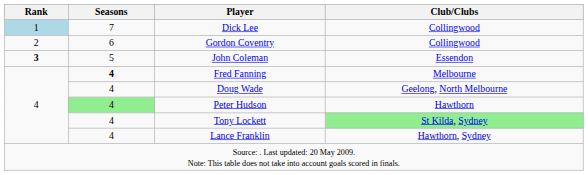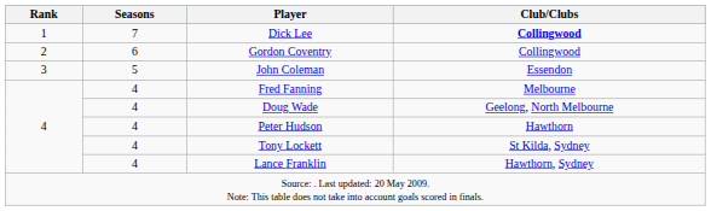 <table class="wikitable" style="text-align:center; width:60%;">
 <tr style="background:#87cefa;">
 <th>Rank</th>
 <th>Seasons</th>
 <th>Player</th>
 <th>Club/Clubs</th>
 </tr>
 <tr>
-<td style="background: lightblue;">1</td>
+<td>1</td>
 <td>7</td>
 <td><a href='#'>Dick Lee</a></td>
-<td><a href='#'>Collingwood</a></td>
+<td><strong><a href='#'>Collingwood</a></strong></td>
 </tr>
 <tr>
 <td>2</td>
 <td>6</td>
 <td><a href='#'>Gordon Coventry</a></td>
 <td><a href='#'>Collingwood</a></td>
 </tr>
 <tr>
-<td><strong>3</strong></td>
+<td>3</td>
 <td>5</td>
 <td><a href='#'>John Coleman</a></td>
 <td><a href='#'>Essendon</a></td>
 </tr>
 <tr>
 <td rowspan=5>4</td>
-<td><strong>4</strong></td>
+<td>4</td>
 <td><a href='#'>Fred Fanning</a></td>
 <td><a href='#'>Melbourne</a></td>
 </tr>
 <tr>
 <td>4</td>
 <td><a href='#'>Doug Wade</a></td>
 <td><a href='#'>Geelong</a>, <a href='#'>North Melbourne</a></td>
 </tr>
 <tr>
-<td style="background: lightgreen;">4</td>
+<td>4</td>
 <td><a href='#'>Peter Hudson</a></td>
 <td><a href='#'>Hawthorn</a></td>
 </tr>
 <tr>
 <td>4</td>
 <td><a href='#'>Tony Lockett</a></td>
-<td style="background: lightgreen;"><a href='#'>St Kilda</a>, <a href='#'>Sydney</a></td>
+<td><a href='#'>St Kilda</a>, <a href='#'>Sydney</a></td>
 </tr>
 <tr>
 <td>4</td>
 <td><a href='#'>Lance Franklin</a></td>
 <td><a href='#'>Hawthorn</a>, <a href='#'>Sydney</a></td>
 </tr>
 <tr>
 <td colspan=7><small>Source: . Last updated: 20 May 2009.<br> Note: This table does not take into account goals scored in finals.</small></td>
 </tr>
 </table>
